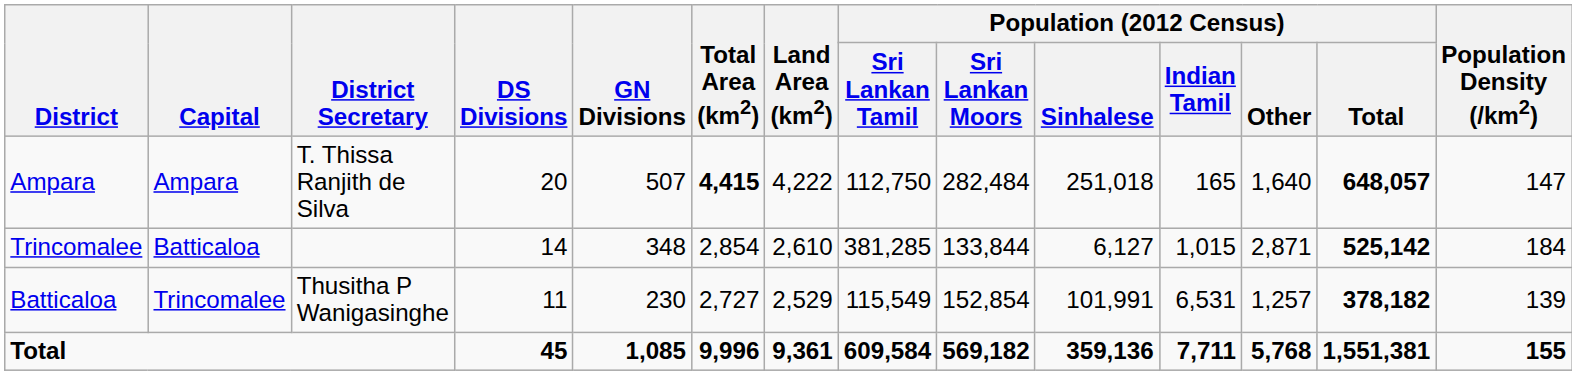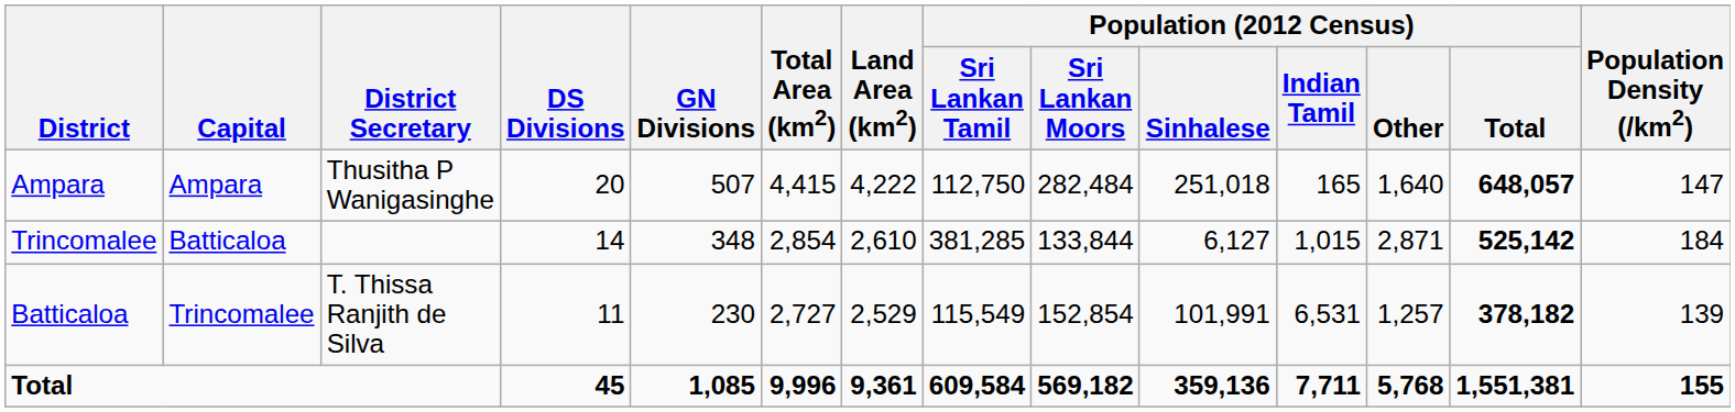 <table class="wikitable" style="text-align:right;">
 <tr>
 <th style="vertical-align:bottom;" rowspan=2><a href='#'>District</a></th>
 <th style="vertical-align:bottom;" rowspan=2><a href='#'>Capital</a></th>
 <th style="vertical-align:bottom;" rowspan=2><a href='#'>District Secretary</a></th>
 <th style="vertical-align:bottom;" rowspan=2><a href='#'>DS<br>Divisions</a></th>
 <th style="vertical-align:bottom;" rowspan=2><a href='#'>GN</a><br>Divisions</th>
 <th style="vertical-align:bottom;" rowspan=2>Total<br>Area<br>(km<sup>2</sup>)</th>
 <th style="vertical-align:bottom;" rowspan=2>Land<br>Area<br>(km<sup>2</sup>)</th>
 <th colspan=6>Population (2012 Census)</th>
 <th style="vertical-align:bottom;" rowspan=2>Population<br>Density<br>(/km<sup>2</sup>)</th>
 </tr>
 <tr>
 <th style="width:70px;"><a href='#'>Sri Lankan Tamil</a></th>
 <th style="width:70px;"><a href='#'>Sri Lankan Moors</a></th>
 <th style="vertical-align:bottom; width:70px;"><a href='#'>Sinhalese</a></th>
 <th style="width:70px;"><a href='#'>Indian Tamil</a></th>
 <th style="vertical-align:bottom; width:70px;">Other</th>
 <th style="vertical-align:bottom; width:70px;">Total</th>
 </tr>
 <tr>
 <td align=left><a href='#'>Ampara</a></td>
 <td align=left><a href='#'>Ampara</a></td>
-<td align=left>T. Thissa Ranjith de Silva</td>
+<td align=left>Thusitha P Wanigasinghe</td>
 <td>20</td>
 <td>507</td>
-<td><strong>4,415</strong></td>
+<td>4,415</td>
 <td>4,222</td>
 <td>112,750</td>
 <td>282,484</td>
 <td>251,018</td>
 <td>165</td>
 <td>1,640</td>
 <td><strong>648,057</strong></td>
 <td>147</td>
 </tr>
 <tr>
 <td align=left><a href='#'>Trincomalee</a></td>
 <td align=left><a href='#'>Batticaloa</a></td>
 <td align=left></td>
 <td>14</td>
 <td>348</td>
 <td>2,854</td>
 <td>2,610</td>
 <td>381,285</td>
 <td>133,844</td>
 <td>6,127</td>
 <td>1,015</td>
 <td>2,871</td>
 <td><strong>525,142</strong></td>
 <td>184</td>
 </tr>
 <tr>
 <td align=left><a href='#'>Batticaloa</a></td>
 <td align=left><a href='#'>Trincomalee</a></td>
-<td align=left>Thusitha P Wanigasinghe</td>
+<td align=left>T. Thissa Ranjith de Silva</td>
 <td>11</td>
 <td>230</td>
 <td>2,727</td>
 <td>2,529</td>
 <td>115,549</td>
 <td>152,854</td>
 <td>101,991</td>
 <td>6,531</td>
 <td>1,257</td>
 <td><strong>378,182</strong></td>
 <td>139</td>
 </tr>
 <tr style="font-weight:bold">
 <td align=left colspan=3>Total</td>
 <td>45</td>
 <td>1,085</td>
 <td>9,996</td>
 <td>9,361</td>
 <td>609,584</td>
 <td>569,182</td>
 <td>359,136</td>
 <td>7,711</td>
 <td>5,768</td>
 <td>1,551,381</td>
 <td>155</td>
 </tr>
 </table>
